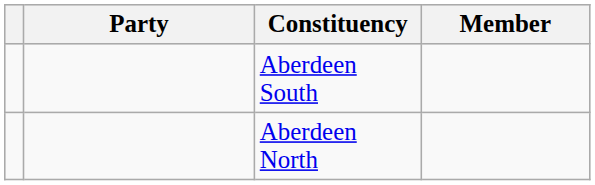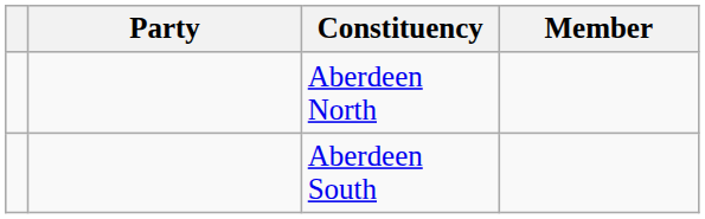 <table class="wikitable">
 <tr>
 <th width="5"></th>
 <th width="140">Party</th>
 <th width="100">Constituency</th>
 <th width="100">Member</th>
 </tr>
 <tr>
 <td></td>
 <td></td>
-<td><a href='#'>Aberdeen South</a></td>
+<td><a href='#'>Aberdeen North</a></td>
 <td></td>
 </tr>
 <tr>
 <td></td>
 <td></td>
-<td><a href='#'>Aberdeen North</a></td>
+<td><a href='#'>Aberdeen South</a></td>
 <td></td>
 </tr>
 </table>
